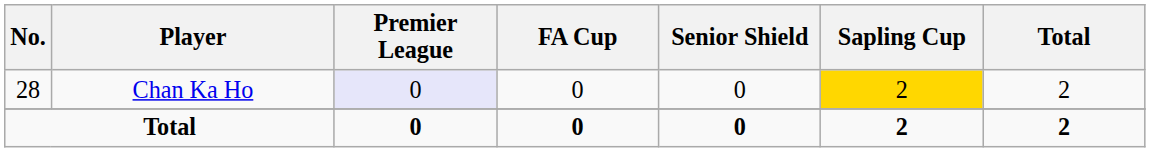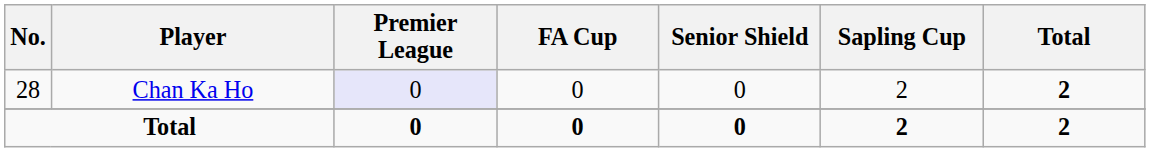 <table class="wikitable sortable alternance"  style="text-align:center">
 <tr>
 <th width=10><strong>No.</strong></th>
 <th scope="col" style="width:180px;"><strong>Player</strong></th>
 <th width=100>Premier League</th>
 <th width=100>FA Cup</th>
 <th width=100>Senior Shield</th>
 <th width=100>Sapling Cup</th>
 <th width=100>Total</th>
 </tr>
 <tr>
 <td>28</td>
 <td> <a href='#'>Chan Ka Ho</a></td>
 <td style="background: lavender;">0</td>
 <td>0</td>
 <td>0</td>
-<td style="background: gold;">2</td>
 <td>2</td>
+<td><strong>2</strong></td>
 </tr>
 <tr>
 </tr>
 <tr class="sortbottom">
 <td colspan="2"><strong>Total</strong></td>
 <td><strong>0</strong></td>
 <td><strong>0</strong></td>
 <td><strong>0</strong></td>
 <td><strong>2</strong></td>
 <td><strong>2</strong></td>
 </tr>
 </table>
